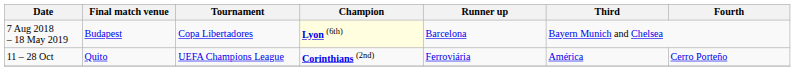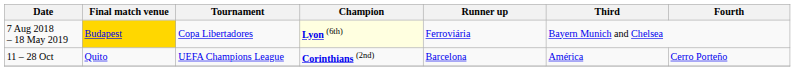 <table class="wikitable">
 <tr>
 <th width=125px>Date</th>
 <th width=150px>Final match venue</th>
 <th width=200px>Tournament</th>
 <th width=200px>Champion</th>
 <th width=200px>Runner up</th>
 <th width=200px>Third</th>
 <th width=200px>Fourth</th>
 </tr>
 <tr>
 <td>7 Aug 2018<br> – 18 May 2019</td>
-<td> <a href='#'>Budapest</a></td>
+<td style="background: gold;"> <a href='#'>Budapest</a></td>
 <td><a href='#'>Copa Libertadores</a></td>
 <td bgcolor=lightyellow> <strong><a href='#'>Lyon</a></strong> <sup>(6th)</sup></td>
-<td> <a href='#'>Barcelona</a></td>
+<td> <a href='#'>Ferroviária</a></td>
 <td colspan=2> <a href='#'>Bayern Munich</a> and  <a href='#'>Chelsea</a></td>
 </tr>
 <tr>
 <td>11 – 28 Oct</td>
 <td> <a href='#'>Quito</a></td>
 <td><a href='#'>UEFA Champions League</a></td>
 <td> <strong><a href='#'>Corinthians</a></strong> <sup>(2nd)</sup></td>
-<td> <a href='#'>Ferroviária</a></td>
+<td> <a href='#'>Barcelona</a></td>
 <td> <a href='#'>América</a></td>
 <td> <a href='#'>Cerro Porteño</a></td>
 </tr>
 <tr>
 </tr>
 </table>
